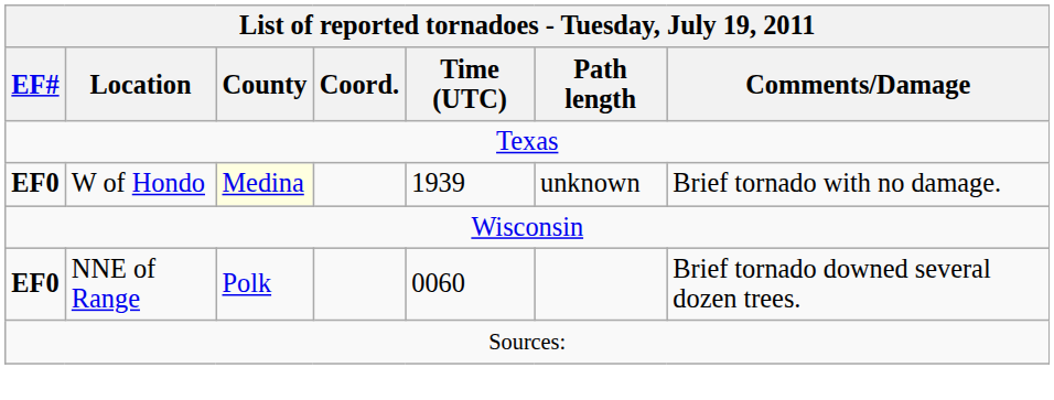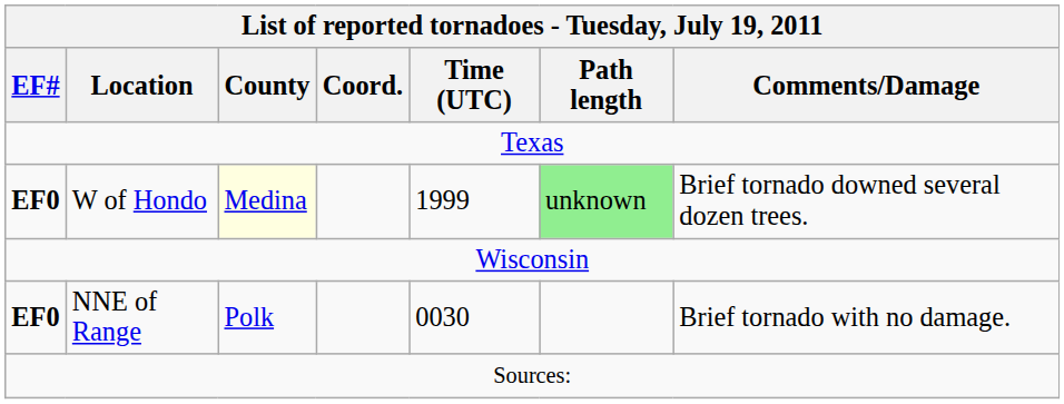 <table class="wikitable collapsible" width="100%">
 <tr>
 <th colspan="7">List of reported tornadoes - Tuesday, July 19, 2011</th>
 </tr>
 <tr>
 <th><a href='#'>EF#</a></th>
 <th>Location</th>
 <th>County</th>
 <th>Coord.</th>
 <th>Time (UTC)</th>
 <th>Path length</th>
 <th>Comments/Damage</th>
 </tr>
 <tr>
 <td colspan="7" align=center><a href='#'>Texas</a></td>
 </tr>
 <tr>
 <td><strong>EF0</strong></td>
 <td>W of <a href='#'>Hondo</a></td>
 <td style="background: lightyellow;"><a href='#'>Medina</a></td>
 <td></td>
-<td>1939</td>
-<td>unknown</td>
-<td>Brief tornado with no damage.</td>
+<td>1999</td>
+<td style="background: lightgreen;">unknown</td>
+<td>Brief tornado downed several dozen trees.</td>
 </tr>
 <tr>
 <td colspan="7" align=center><a href='#'>Wisconsin</a></td>
 </tr>
 <tr>
 <td><strong>EF0</strong></td>
 <td>NNE of <a href='#'>Range</a></td>
 <td><a href='#'>Polk</a></td>
 <td></td>
-<td>0060</td>
+<td>0030</td>
 <td></td>
-<td>Brief tornado downed several dozen trees.</td>
+<td>Brief tornado with no damage.</td>
 </tr>
 <tr>
 <td colspan="7" align=center><small>Sources: </small></td>
 </tr>
 </table>
